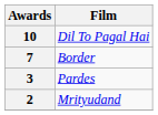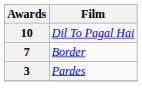 <table class="wikitable" style="display:inline-table;">
 <tr>
 <th>Awards</th>
 <th>Film</th>
 </tr>
 <tr>
 <th>10</th>
 <td><em><a href='#'>Dil To Pagal Hai</a></em></td>
 </tr>
 <tr>
 <th>7</th>
 <td><em><a href='#'>Border</a></em></td>
 </tr>
 <tr>
 <th>3</th>
 <td><em><a href='#'>Pardes</a></em></td>
 </tr>
 <tr>
-<th>2</th>
-<td><em><a href='#'>Mrityudand</a></em></td>
-</tr>
-<tr>
 </tr>
 </table>
